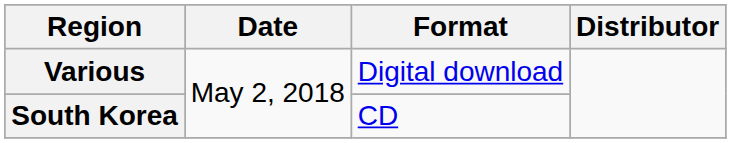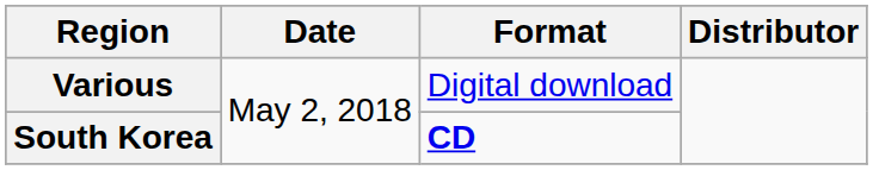 <table class="wikitable plainrowheaders">
 <tr>
 <th>Region</th>
 <th>Date</th>
 <th>Format</th>
 <th>Distributor</th>
 </tr>
 <tr>
 <th scope="row">Various</th>
 <td rowspan="3">May 2, 2018</td>
 <td rowspan="2"><a href='#'>Digital download</a></td>
 <td rowspan="3"></td>
 </tr>
 <tr>
 <th scope="row" rowspan="2">South Korea</th>
 </tr>
 <tr>
-<td><a href='#'>CD</a></td>
+<td><strong><a href='#'>CD</a></strong></td>
 </tr>
 </table>
